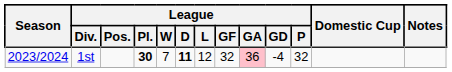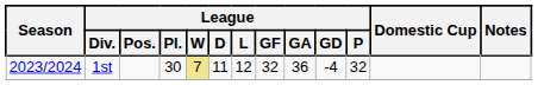 <table class="wikitable">
 <tr style="background:#d92121;">
 <th rowspan="2" ! style="background:; color:; border:2px solid ;" scope="col">Season</th>
 <th colspan="10"! style="background:; color:; border:2px solid ;" scope="col">League</th>
 <th rowspan="2" ! style="background:; color:; border:2px solid ;" scope="col">Domestic Cup</th>
 <th rowspan="2" ! style="background:; color:; border:2px solid ;" scope="col">Notes</th>
 </tr>
 <tr>
 <th style="background:; color:;border:2px solid ;" scope="col">Div.</th>
 <th style="background:; color:;border:2px solid ;" scope="col">Pos.</th>
 <th style="background:; color:;border:2px solid ;" scope="col">Pl.</th>
 <th style="background:; color:;border:2px solid ;" scope="col">W</th>
 <th style="background:; color:;border:2px solid ;" scope="col">D</th>
 <th style="background:; color:;border:2px solid ;" scope="col">L</th>
 <th style="background:; color:;border:2px solid ;" scope="col">GF</th>
 <th style="background:; color:;border:2px solid ;" scope="col">GA</th>
 <th style="background:; color:;border:2px solid ;" scope="col">GD</th>
 <th style="background:; color:;border:2px solid ;" scope="col">P</th>
 </tr>
 <tr>
 </tr>
 <tr>
 <td align=center><a href='#'>2023/2024</a></td>
 <td align=center><a href='#'>1st</a></td>
 <td></td>
-<td align=center><strong>30</strong></td>
-<td align=center>7</td>
-<td align=center><strong>11</strong></td>
+<td align=center>30</td>
+<td align=center style="background: khaki;">7</td>
+<td align=center>11</td>
 <td align=center>12</td>
 <td align=center>32</td>
-<td align=center style="background: pink;">36</td>
+<td align=center>36</td>
 <td align=center>-4</td>
 <td align=center>32</td>
 <td align=center></td>
 <td align=center></td>
 </tr>
 <tr>
 </tr>
 </table>
